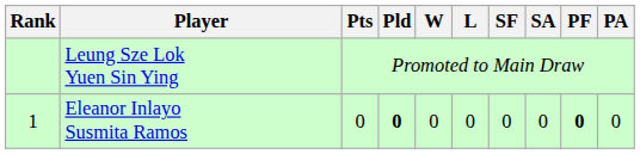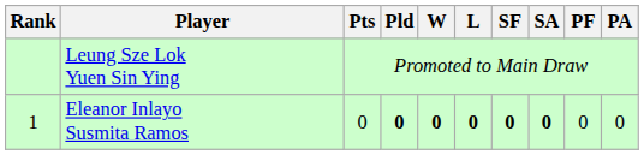 <table class=wikitable style="text-align:center; font-size:90%">
 <tr>
 <th width="20">Rank</th>
 <th width="200">Player</th>
 <th width="20">Pts</th>
 <th width="20">Pld</th>
 <th width="20">W</th>
 <th width="20">L</th>
 <th width="20">SF</th>
 <th width="20">SA</th>
 <th width="20">PF</th>
 <th width="20">PA</th>
 </tr>
 <tr bgcolor="#ccffcc">
 <td></td>
 <td style="text-align:left"> <a href='#'>Leung Sze Lok</a><br> <a href='#'>Yuen Sin Ying</a></td>
 <td bgcolor="#ccffcc" colspan="8"><em>Promoted to Main Draw</em></td>
 </tr>
 <tr bgcolor="#ccffcc">
 <td>1</td>
 <td style="text-align:left"> <a href='#'>Eleanor Inlayo</a><br> <a href='#'>Susmita Ramos</a></td>
 <td>0</td>
 <td><strong>0</strong></td>
+<td><strong>0</strong></td>
+<td><strong>0</strong></td>
+<td><strong>0</strong></td>
+<td><strong>0</strong></td>
 <td>0</td>
-<td>0</td>
-<td>0</td>
-<td>0</td>
-<td><strong>0</strong></td>
 <td>0</td>
 </tr>
 </table>
